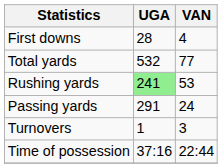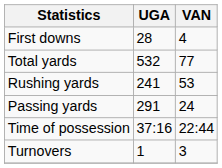 <table class="wikitable" style="float: left;">
 <tr>
 <th>Statistics</th>
 <th>UGA</th>
 <th>VAN</th>
 </tr>
 <tr>
 <td>First downs</td>
 <td>28</td>
 <td>4</td>
 </tr>
 <tr>
 <td>Total yards</td>
 <td>532</td>
 <td>77</td>
 </tr>
 <tr>
 <td>Rushing yards</td>
-<td style="background: lightgreen;">241</td>
+<td>241</td>
 <td>53</td>
 </tr>
 <tr>
 <td>Passing yards</td>
 <td>291</td>
 <td>24</td>
 </tr>
 <tr>
+<td>Time of possession</td>
+<td>37:16</td>
+<td>22:44</td>
+</tr>
+<tr>
 <td>Turnovers</td>
 <td>1</td>
 <td>3</td>
 </tr>
 <tr>
-<td>Time of possession</td>
-<td>37:16</td>
-<td>22:44</td>
-</tr>
-<tr>
 </tr>
 </table>
